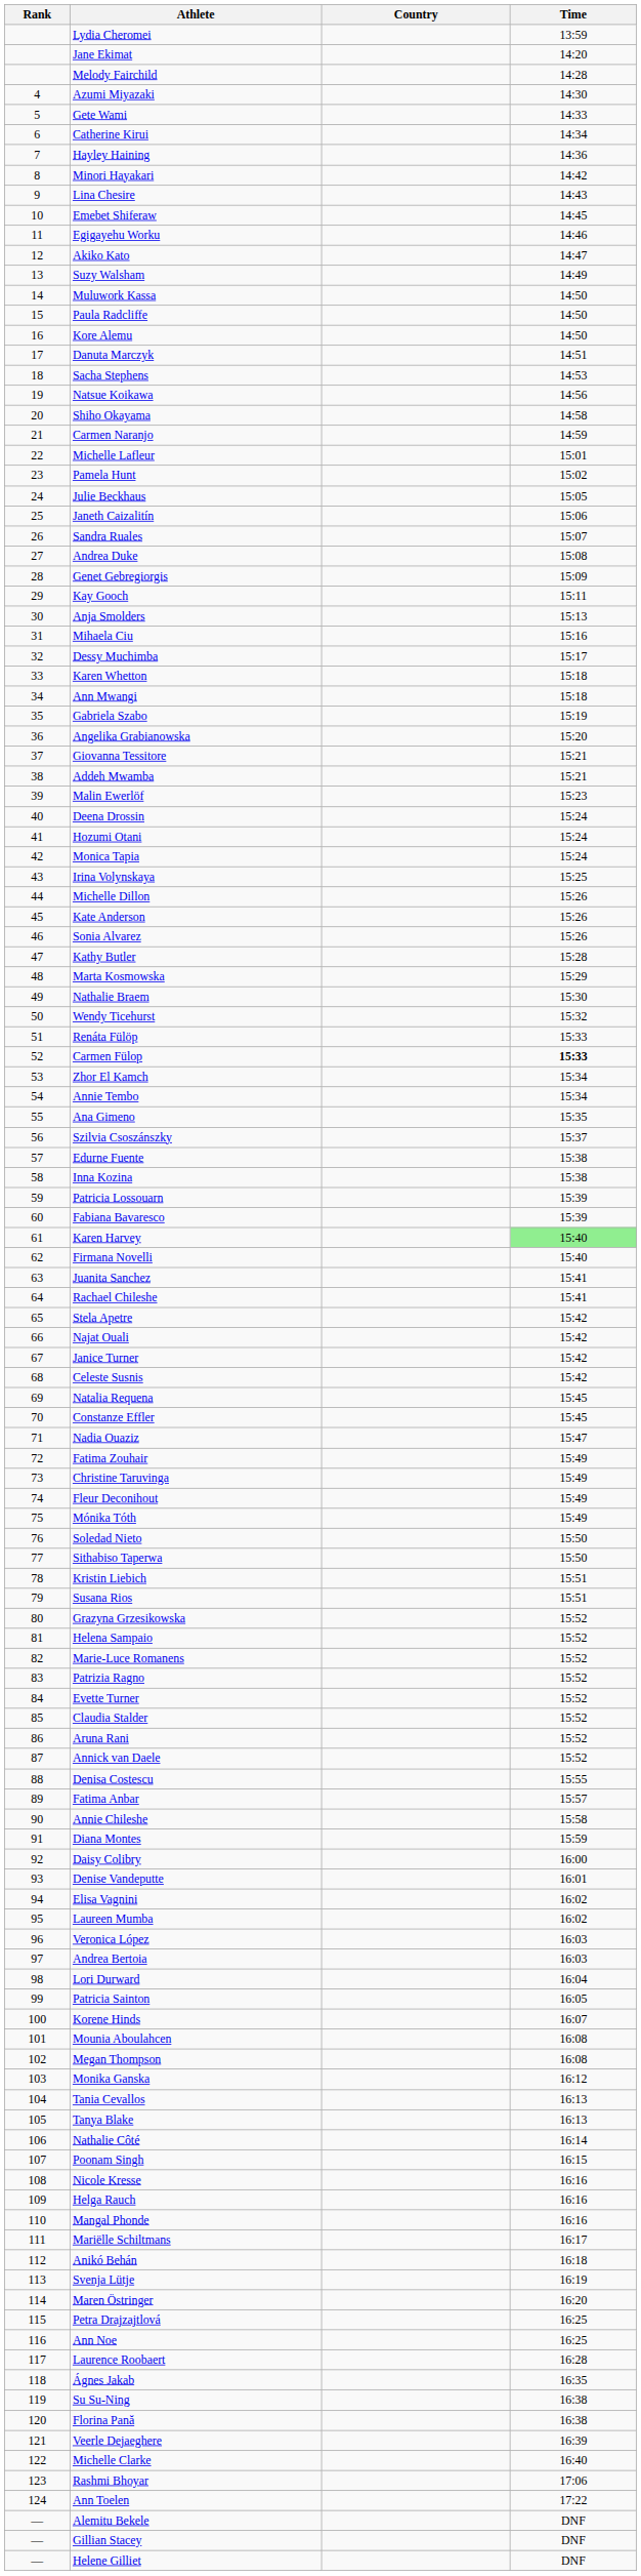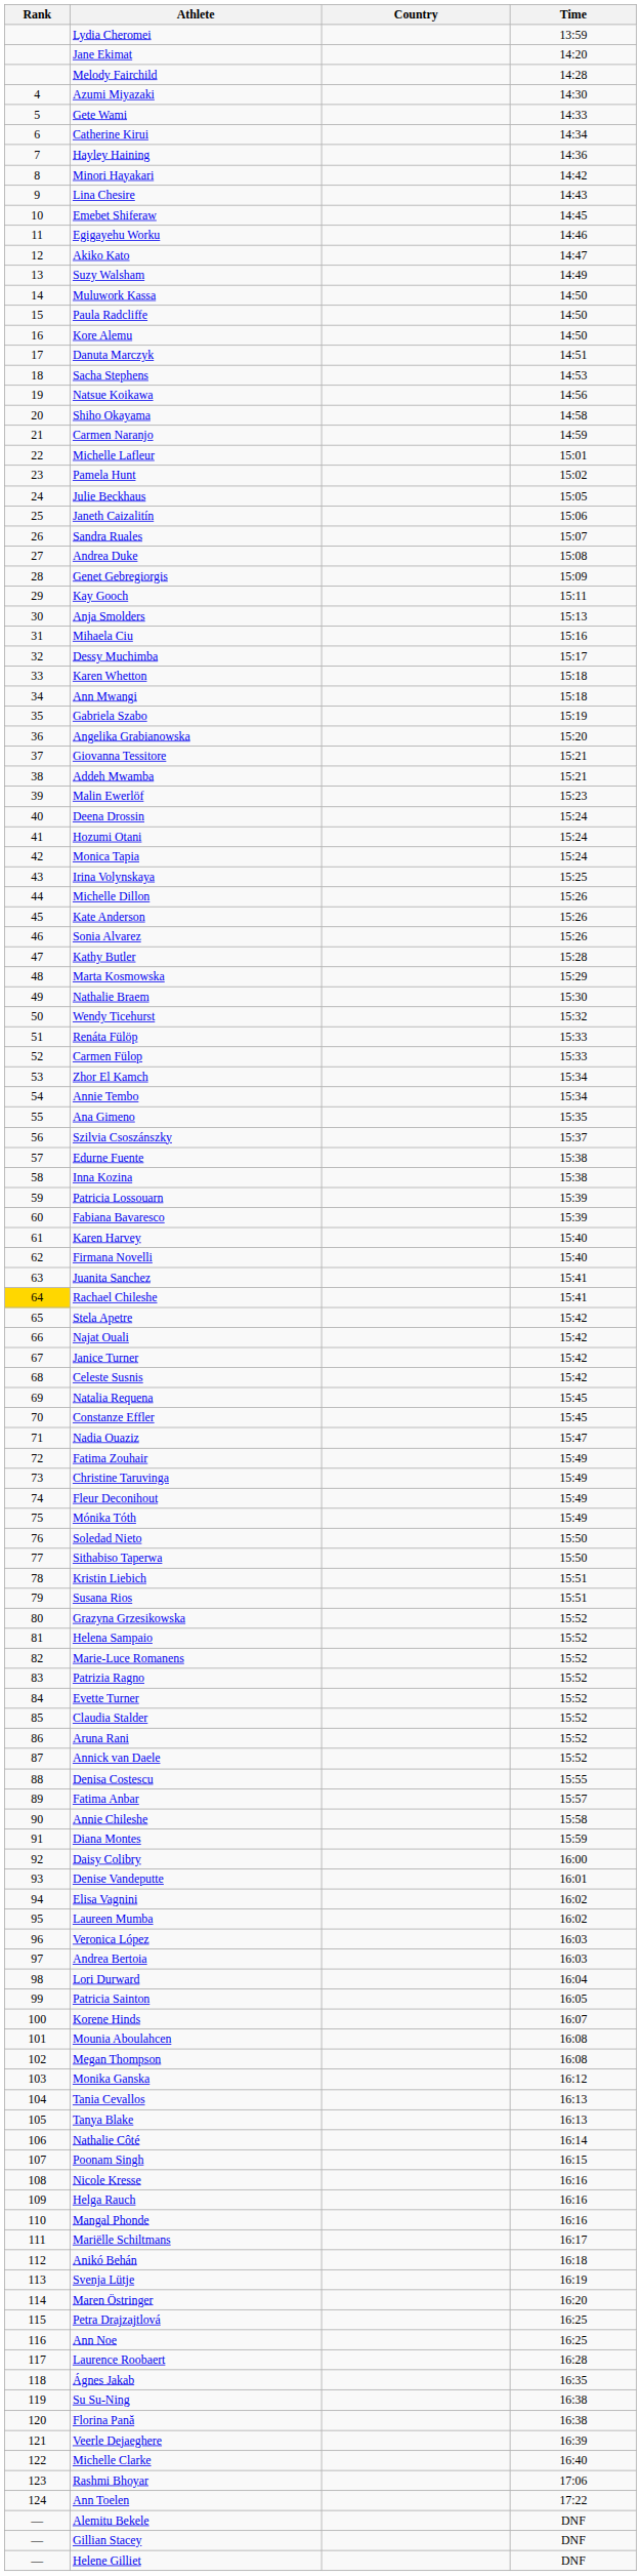 <table class="wikitable sortable" style=" text-align:center; font-size:95%;" width="50%">
 <tr>
 <th width=5%>Rank</th>
 <th width=20%>Athlete</th>
 <th width=15%>Country</th>
 <th width=10%>Time</th>
 </tr>
 <tr>
 <td align=center></td>
 <td align=left><a href='#'>Lydia Cheromei</a></td>
 <td align=left></td>
 <td>13:59</td>
 </tr>
 <tr>
 <td align=center></td>
 <td align=left><a href='#'>Jane Ekimat</a></td>
 <td align=left></td>
 <td>14:20</td>
 </tr>
 <tr>
 <td align=center></td>
 <td align=left><a href='#'>Melody Fairchild</a></td>
 <td align=left></td>
 <td>14:28</td>
 </tr>
 <tr>
 <td align=center>4</td>
 <td align=left><a href='#'>Azumi Miyazaki</a></td>
 <td align=left></td>
 <td>14:30</td>
 </tr>
 <tr>
 <td align=center>5</td>
 <td align=left><a href='#'>Gete Wami</a></td>
 <td align=left></td>
 <td>14:33</td>
 </tr>
 <tr>
 <td align=center>6</td>
 <td align=left><a href='#'>Catherine Kirui</a></td>
 <td align=left></td>
 <td>14:34</td>
 </tr>
 <tr>
 <td align=center>7</td>
 <td align=left><a href='#'>Hayley Haining</a></td>
 <td align=left></td>
 <td>14:36</td>
 </tr>
 <tr>
 <td align=center>8</td>
 <td align=left><a href='#'>Minori Hayakari</a></td>
 <td align=left></td>
 <td>14:42</td>
 </tr>
 <tr>
 <td align=center>9</td>
 <td align=left><a href='#'>Lina Chesire</a></td>
 <td align=left></td>
 <td>14:43</td>
 </tr>
 <tr>
 <td align=center>10</td>
 <td align=left><a href='#'>Emebet Shiferaw</a></td>
 <td align=left></td>
 <td>14:45</td>
 </tr>
 <tr>
 <td align=center>11</td>
 <td align=left><a href='#'>Egigayehu Worku</a></td>
 <td align=left></td>
 <td>14:46</td>
 </tr>
 <tr>
 <td align=center>12</td>
 <td align=left><a href='#'>Akiko Kato</a></td>
 <td align=left></td>
 <td>14:47</td>
 </tr>
 <tr>
 <td align=center>13</td>
 <td align=left><a href='#'>Suzy Walsham</a></td>
 <td align=left></td>
 <td>14:49</td>
 </tr>
 <tr>
 <td align=center>14</td>
 <td align=left><a href='#'>Muluwork Kassa</a></td>
 <td align=left></td>
 <td>14:50</td>
 </tr>
 <tr>
 <td align=center>15</td>
 <td align=left><a href='#'>Paula Radcliffe</a></td>
 <td align=left></td>
 <td>14:50</td>
 </tr>
 <tr>
 <td align=center>16</td>
 <td align=left><a href='#'>Kore Alemu</a></td>
 <td align=left></td>
 <td>14:50</td>
 </tr>
 <tr>
 <td align=center>17</td>
 <td align=left><a href='#'>Danuta Marczyk</a></td>
 <td align=left></td>
 <td>14:51</td>
 </tr>
 <tr>
 <td align=center>18</td>
 <td align=left><a href='#'>Sacha Stephens</a></td>
 <td align=left></td>
 <td>14:53</td>
 </tr>
 <tr>
 <td align=center>19</td>
 <td align=left><a href='#'>Natsue Koikawa</a></td>
 <td align=left></td>
 <td>14:56</td>
 </tr>
 <tr>
 <td align=center>20</td>
 <td align=left><a href='#'>Shiho Okayama</a></td>
 <td align=left></td>
 <td>14:58</td>
 </tr>
 <tr>
 <td align=center>21</td>
 <td align=left><a href='#'>Carmen Naranjo</a></td>
 <td align=left></td>
 <td>14:59</td>
 </tr>
 <tr>
 <td align=center>22</td>
 <td align=left><a href='#'>Michelle Lafleur</a></td>
 <td align=left></td>
 <td>15:01</td>
 </tr>
 <tr>
 <td align=center>23</td>
 <td align=left><a href='#'>Pamela Hunt</a></td>
 <td align=left></td>
 <td>15:02</td>
 </tr>
 <tr>
 <td align=center>24</td>
 <td align=left><a href='#'>Julie Beckhaus</a></td>
 <td align=left></td>
 <td>15:05</td>
 </tr>
 <tr>
 <td align=center>25</td>
 <td align=left><a href='#'>Janeth Caizalitín</a></td>
 <td align=left></td>
 <td>15:06</td>
 </tr>
 <tr>
 <td align=center>26</td>
 <td align=left><a href='#'>Sandra Ruales</a></td>
 <td align=left></td>
 <td>15:07</td>
 </tr>
 <tr>
 <td align=center>27</td>
 <td align=left><a href='#'>Andrea Duke</a></td>
 <td align=left></td>
 <td>15:08</td>
 </tr>
 <tr>
 <td align=center>28</td>
 <td align=left><a href='#'>Genet Gebregiorgis</a></td>
 <td align=left></td>
 <td>15:09</td>
 </tr>
 <tr>
 <td align=center>29</td>
 <td align=left><a href='#'>Kay Gooch</a></td>
 <td align=left></td>
 <td>15:11</td>
 </tr>
 <tr>
 <td align=center>30</td>
 <td align=left><a href='#'>Anja Smolders</a></td>
 <td align=left></td>
 <td>15:13</td>
 </tr>
 <tr>
 <td align=center>31</td>
 <td align=left><a href='#'>Mihaela Ciu</a></td>
 <td align=left></td>
 <td>15:16</td>
 </tr>
 <tr>
 <td align=center>32</td>
 <td align=left><a href='#'>Dessy Muchimba</a></td>
 <td align=left></td>
 <td>15:17</td>
 </tr>
 <tr>
 <td align=center>33</td>
 <td align=left><a href='#'>Karen Whetton</a></td>
 <td align=left></td>
 <td>15:18</td>
 </tr>
 <tr>
 <td align=center>34</td>
 <td align=left><a href='#'>Ann Mwangi</a></td>
 <td align=left></td>
 <td>15:18</td>
 </tr>
 <tr>
 <td align=center>35</td>
 <td align=left><a href='#'>Gabriela Szabo</a></td>
 <td align=left></td>
 <td>15:19</td>
 </tr>
 <tr>
 <td align=center>36</td>
 <td align=left><a href='#'>Angelika Grabianowska</a></td>
 <td align=left></td>
 <td>15:20</td>
 </tr>
 <tr>
 <td align=center>37</td>
 <td align=left><a href='#'>Giovanna Tessitore</a></td>
 <td align=left></td>
 <td>15:21</td>
 </tr>
 <tr>
 <td align=center>38</td>
 <td align=left><a href='#'>Addeh Mwamba</a></td>
 <td align=left></td>
 <td>15:21</td>
 </tr>
 <tr>
 <td align=center>39</td>
 <td align=left><a href='#'>Malin Ewerlöf</a></td>
 <td align=left></td>
 <td>15:23</td>
 </tr>
 <tr>
 <td align=center>40</td>
 <td align=left><a href='#'>Deena Drossin</a></td>
 <td align=left></td>
 <td>15:24</td>
 </tr>
 <tr>
 <td align=center>41</td>
 <td align=left><a href='#'>Hozumi Otani</a></td>
 <td align=left></td>
 <td>15:24</td>
 </tr>
 <tr>
 <td align=center>42</td>
 <td align=left><a href='#'>Monica Tapia</a></td>
 <td align=left></td>
 <td>15:24</td>
 </tr>
 <tr>
 <td align=center>43</td>
 <td align=left><a href='#'>Irina Volynskaya</a></td>
 <td align=left></td>
 <td>15:25</td>
 </tr>
 <tr>
 <td align=center>44</td>
 <td align=left><a href='#'>Michelle Dillon</a></td>
 <td align=left></td>
 <td>15:26</td>
 </tr>
 <tr>
 <td align=center>45</td>
 <td align=left><a href='#'>Kate Anderson</a></td>
 <td align=left></td>
 <td>15:26</td>
 </tr>
 <tr>
 <td align=center>46</td>
 <td align=left><a href='#'>Sonia Alvarez</a></td>
 <td align=left></td>
 <td>15:26</td>
 </tr>
 <tr>
 <td align=center>47</td>
 <td align=left><a href='#'>Kathy Butler</a></td>
 <td align=left></td>
 <td>15:28</td>
 </tr>
 <tr>
 <td align=center>48</td>
 <td align=left><a href='#'>Marta Kosmowska</a></td>
 <td align=left></td>
 <td>15:29</td>
 </tr>
 <tr>
 <td align=center>49</td>
 <td align=left><a href='#'>Nathalie Braem</a></td>
 <td align=left></td>
 <td>15:30</td>
 </tr>
 <tr>
 <td align=center>50</td>
 <td align=left><a href='#'>Wendy Ticehurst</a></td>
 <td align=left></td>
 <td>15:32</td>
 </tr>
 <tr>
 <td align=center>51</td>
 <td align=left><a href='#'>Renáta Fülöp</a></td>
 <td align=left></td>
 <td>15:33</td>
 </tr>
 <tr>
 <td align=center>52</td>
 <td align=left><a href='#'>Carmen Fülop</a></td>
 <td align=left></td>
-<td><strong>15:33</strong></td>
+<td>15:33</td>
 </tr>
 <tr>
 <td align=center>53</td>
 <td align=left><a href='#'>Zhor El Kamch</a></td>
 <td align=left></td>
 <td>15:34</td>
 </tr>
 <tr>
 <td align=center>54</td>
 <td align=left><a href='#'>Annie Tembo</a></td>
 <td align=left></td>
 <td>15:34</td>
 </tr>
 <tr>
 <td align=center>55</td>
 <td align=left><a href='#'>Ana Gimeno</a></td>
 <td align=left></td>
 <td>15:35</td>
 </tr>
 <tr>
 <td align=center>56</td>
 <td align=left><a href='#'>Szilvia Csoszánszky</a></td>
 <td align=left></td>
 <td>15:37</td>
 </tr>
 <tr>
 <td align=center>57</td>
 <td align=left><a href='#'>Edurne Fuente</a></td>
 <td align=left></td>
 <td>15:38</td>
 </tr>
 <tr>
 <td align=center>58</td>
 <td align=left><a href='#'>Inna Kozina</a></td>
 <td align=left></td>
 <td>15:38</td>
 </tr>
 <tr>
 <td align=center>59</td>
 <td align=left><a href='#'>Patricia Lossouarn</a></td>
 <td align=left></td>
 <td>15:39</td>
 </tr>
 <tr>
 <td align=center>60</td>
 <td align=left><a href='#'>Fabiana Bavaresco</a></td>
 <td align=left></td>
 <td>15:39</td>
 </tr>
 <tr>
 <td align=center>61</td>
 <td align=left><a href='#'>Karen Harvey</a></td>
 <td align=left></td>
-<td style="background: lightgreen;">15:40</td>
+<td>15:40</td>
 </tr>
 <tr>
 <td align=center>62</td>
 <td align=left><a href='#'>Firmana Novelli</a></td>
 <td align=left></td>
 <td>15:40</td>
 </tr>
 <tr>
 <td align=center>63</td>
 <td align=left><a href='#'>Juanita Sanchez</a></td>
 <td align=left></td>
 <td>15:41</td>
 </tr>
 <tr>
-<td align=center>64</td>
+<td align=center style="background: gold;">64</td>
 <td align=left><a href='#'>Rachael Chileshe</a></td>
 <td align=left></td>
 <td>15:41</td>
 </tr>
 <tr>
 <td align=center>65</td>
 <td align=left><a href='#'>Stela Apetre</a></td>
 <td align=left></td>
 <td>15:42</td>
 </tr>
 <tr>
 <td align=center>66</td>
 <td align=left><a href='#'>Najat Ouali</a></td>
 <td align=left></td>
 <td>15:42</td>
 </tr>
 <tr>
 <td align=center>67</td>
 <td align=left><a href='#'>Janice Turner</a></td>
 <td align=left></td>
 <td>15:42</td>
 </tr>
 <tr>
 <td align=center>68</td>
 <td align=left><a href='#'>Celeste Susnis</a></td>
 <td align=left></td>
 <td>15:42</td>
 </tr>
 <tr>
 <td align=center>69</td>
 <td align=left><a href='#'>Natalia Requena</a></td>
 <td align=left></td>
 <td>15:45</td>
 </tr>
 <tr>
 <td align=center>70</td>
 <td align=left><a href='#'>Constanze Effler</a></td>
 <td align=left></td>
 <td>15:45</td>
 </tr>
 <tr>
 <td align=center>71</td>
 <td align=left><a href='#'>Nadia Ouaziz</a></td>
 <td align=left></td>
 <td>15:47</td>
 </tr>
 <tr>
 <td align=center>72</td>
 <td align=left><a href='#'>Fatima Zouhair</a></td>
 <td align=left></td>
 <td>15:49</td>
 </tr>
 <tr>
 <td align=center>73</td>
 <td align=left><a href='#'>Christine Taruvinga</a></td>
 <td align=left></td>
 <td>15:49</td>
 </tr>
 <tr>
 <td align=center>74</td>
 <td align=left><a href='#'>Fleur Deconihout</a></td>
 <td align=left></td>
 <td>15:49</td>
 </tr>
 <tr>
 <td align=center>75</td>
 <td align=left><a href='#'>Mónika Tóth</a></td>
 <td align=left></td>
 <td>15:49</td>
 </tr>
 <tr>
 <td align=center>76</td>
 <td align=left><a href='#'>Soledad Nieto</a></td>
 <td align=left></td>
 <td>15:50</td>
 </tr>
 <tr>
 <td align=center>77</td>
 <td align=left><a href='#'>Sithabiso Taperwa</a></td>
 <td align=left></td>
 <td>15:50</td>
 </tr>
 <tr>
 <td align=center>78</td>
 <td align=left><a href='#'>Kristin Liebich</a></td>
 <td align=left></td>
 <td>15:51</td>
 </tr>
 <tr>
 <td align=center>79</td>
 <td align=left><a href='#'>Susana Rios</a></td>
 <td align=left></td>
 <td>15:51</td>
 </tr>
 <tr>
 <td align=center>80</td>
 <td align=left><a href='#'>Grazyna Grzesikowska</a></td>
 <td align=left></td>
 <td>15:52</td>
 </tr>
 <tr>
 <td align=center>81</td>
 <td align=left><a href='#'>Helena Sampaio</a></td>
 <td align=left></td>
 <td>15:52</td>
 </tr>
 <tr>
 <td align=center>82</td>
 <td align=left><a href='#'>Marie-Luce Romanens</a></td>
 <td align=left></td>
 <td>15:52</td>
 </tr>
 <tr>
 <td align=center>83</td>
 <td align=left><a href='#'>Patrizia Ragno</a></td>
 <td align=left></td>
 <td>15:52</td>
 </tr>
 <tr>
 <td align=center>84</td>
 <td align=left><a href='#'>Evette Turner</a></td>
 <td align=left></td>
 <td>15:52</td>
 </tr>
 <tr>
 <td align=center>85</td>
 <td align=left><a href='#'>Claudia Stalder</a></td>
 <td align=left></td>
 <td>15:52</td>
 </tr>
 <tr>
 <td align=center>86</td>
 <td align=left><a href='#'>Aruna Rani</a></td>
 <td align=left></td>
 <td>15:52</td>
 </tr>
 <tr>
 <td align=center>87</td>
 <td align=left><a href='#'>Annick van Daele</a></td>
 <td align=left></td>
 <td>15:52</td>
 </tr>
 <tr>
 <td align=center>88</td>
 <td align=left><a href='#'>Denisa Costescu</a></td>
 <td align=left></td>
 <td>15:55</td>
 </tr>
 <tr>
 <td align=center>89</td>
 <td align=left><a href='#'>Fatima Anbar</a></td>
 <td align=left></td>
 <td>15:57</td>
 </tr>
 <tr>
 <td align=center>90</td>
 <td align=left><a href='#'>Annie Chileshe</a></td>
 <td align=left></td>
 <td>15:58</td>
 </tr>
 <tr>
 <td align=center>91</td>
 <td align=left><a href='#'>Diana Montes</a></td>
 <td align=left></td>
 <td>15:59</td>
 </tr>
 <tr>
 <td align=center>92</td>
 <td align=left><a href='#'>Daisy Colibry</a></td>
 <td align=left></td>
 <td>16:00</td>
 </tr>
 <tr>
 <td align=center>93</td>
 <td align=left><a href='#'>Denise Vandeputte</a></td>
 <td align=left></td>
 <td>16:01</td>
 </tr>
 <tr>
 <td align=center>94</td>
 <td align=left><a href='#'>Elisa Vagnini</a></td>
 <td align=left></td>
 <td>16:02</td>
 </tr>
 <tr>
 <td align=center>95</td>
 <td align=left><a href='#'>Laureen Mumba</a></td>
 <td align=left></td>
 <td>16:02</td>
 </tr>
 <tr>
 <td align=center>96</td>
 <td align=left><a href='#'>Veronica López</a></td>
 <td align=left></td>
 <td>16:03</td>
 </tr>
 <tr>
 <td align=center>97</td>
 <td align=left><a href='#'>Andrea Bertoia</a></td>
 <td align=left></td>
 <td>16:03</td>
 </tr>
 <tr>
 <td align=center>98</td>
 <td align=left><a href='#'>Lori Durward</a></td>
 <td align=left></td>
 <td>16:04</td>
 </tr>
 <tr>
 <td align=center>99</td>
 <td align=left><a href='#'>Patricia Sainton</a></td>
 <td align=left></td>
 <td>16:05</td>
 </tr>
 <tr>
 <td align=center>100</td>
 <td align=left><a href='#'>Korene Hinds</a></td>
 <td align=left></td>
 <td>16:07</td>
 </tr>
 <tr>
 <td align=center>101</td>
 <td align=left><a href='#'>Mounia Aboulahcen</a></td>
 <td align=left></td>
 <td>16:08</td>
 </tr>
 <tr>
 <td align=center>102</td>
 <td align=left><a href='#'>Megan Thompson</a></td>
 <td align=left></td>
 <td>16:08</td>
 </tr>
 <tr>
 <td align=center>103</td>
 <td align=left><a href='#'>Monika Ganska</a></td>
 <td align=left></td>
 <td>16:12</td>
 </tr>
 <tr>
 <td align=center>104</td>
 <td align=left><a href='#'>Tania Cevallos</a></td>
 <td align=left></td>
 <td>16:13</td>
 </tr>
 <tr>
 <td align=center>105</td>
 <td align=left><a href='#'>Tanya Blake</a></td>
 <td align=left></td>
 <td>16:13</td>
 </tr>
 <tr>
 <td align=center>106</td>
 <td align=left><a href='#'>Nathalie Côté</a></td>
 <td align=left></td>
 <td>16:14</td>
 </tr>
 <tr>
 <td align=center>107</td>
 <td align=left><a href='#'>Poonam Singh</a></td>
 <td align=left></td>
 <td>16:15</td>
 </tr>
 <tr>
 <td align=center>108</td>
 <td align=left><a href='#'>Nicole Kresse</a></td>
 <td align=left></td>
 <td>16:16</td>
 </tr>
 <tr>
 <td align=center>109</td>
 <td align=left><a href='#'>Helga Rauch</a></td>
 <td align=left></td>
 <td>16:16</td>
 </tr>
 <tr>
 <td align=center>110</td>
 <td align=left><a href='#'>Mangal Phonde</a></td>
 <td align=left></td>
 <td>16:16</td>
 </tr>
 <tr>
 <td align=center>111</td>
 <td align=left><a href='#'>Mariëlle Schiltmans</a></td>
 <td align=left></td>
 <td>16:17</td>
 </tr>
 <tr>
 <td align=center>112</td>
 <td align=left><a href='#'>Anikó Behán</a></td>
 <td align=left></td>
 <td>16:18</td>
 </tr>
 <tr>
 <td align=center>113</td>
 <td align=left><a href='#'>Svenja Lütje</a></td>
 <td align=left></td>
 <td>16:19</td>
 </tr>
 <tr>
 <td align=center>114</td>
 <td align=left><a href='#'>Maren Östringer</a></td>
 <td align=left></td>
 <td>16:20</td>
 </tr>
 <tr>
 <td align=center>115</td>
 <td align=left><a href='#'>Petra Drajzajtlová</a></td>
 <td align=left></td>
 <td>16:25</td>
 </tr>
 <tr>
 <td align=center>116</td>
 <td align=left><a href='#'>Ann Noe</a></td>
 <td align=left></td>
 <td>16:25</td>
 </tr>
 <tr>
 <td align=center>117</td>
 <td align=left><a href='#'>Laurence Roobaert</a></td>
 <td align=left></td>
 <td>16:28</td>
 </tr>
 <tr>
 <td align=center>118</td>
 <td align=left><a href='#'>Ágnes Jakab</a></td>
 <td align=left></td>
 <td>16:35</td>
 </tr>
 <tr>
 <td align=center>119</td>
 <td align=left><a href='#'>Su Su-Ning</a></td>
 <td align=left></td>
 <td>16:38</td>
 </tr>
 <tr>
 <td align=center>120</td>
 <td align=left><a href='#'>Florina Pană</a></td>
 <td align=left></td>
 <td>16:38</td>
 </tr>
 <tr>
 <td align=center>121</td>
 <td align=left><a href='#'>Veerle Dejaeghere</a></td>
 <td align=left></td>
 <td>16:39</td>
 </tr>
 <tr>
 <td align=center>122</td>
 <td align=left><a href='#'>Michelle Clarke</a></td>
 <td align=left></td>
 <td>16:40</td>
 </tr>
 <tr>
 <td align=center>123</td>
 <td align=left><a href='#'>Rashmi Bhoyar</a></td>
 <td align=left></td>
 <td>17:06</td>
 </tr>
 <tr>
 <td align=center>124</td>
 <td align=left><a href='#'>Ann Toelen</a></td>
 <td align=left></td>
 <td>17:22</td>
 </tr>
 <tr>
 <td align=center>—</td>
 <td align=left><a href='#'>Alemitu Bekele</a></td>
 <td align=left></td>
 <td>DNF</td>
 </tr>
 <tr>
 <td align=center>—</td>
 <td align=left><a href='#'>Gillian Stacey</a></td>
 <td align=left></td>
 <td>DNF</td>
 </tr>
 <tr>
 <td align=center>—</td>
 <td align=left><a href='#'>Helene Gilliet</a></td>
 <td align=left></td>
 <td>DNF</td>
 </tr>
 </table>
